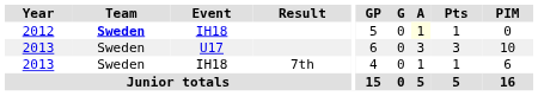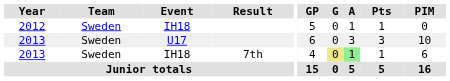 <table border="0" cellpadding="1" cellspacing="0" ID="Table3" style="text-align:center; width:40em">
 <tr ALIGN="center" bgcolor="#e0e0e0">
 <th>Year</th>
 <th>Team</th>
 <th>Event</th>
 <th>Result</th>
 <th rowspan="99" bgcolor="#ffffff"></th>
 <th>GP</th>
 <th>G</th>
 <th>A</th>
 <th>Pts</th>
 <th>PIM</th>
 </tr>
 <tr>
 <td><a href='#'>2012</a></td>
-<td><strong><a href='#'>Sweden</a></strong></td>
+<td><a href='#'>Sweden</a></td>
 <td><a href='#'>IH18</a></td>
 <td></td>
 <td>5</td>
 <td>0</td>
-<td style="background: lightyellow;">1</td>
+<td>1</td>
 <td>1</td>
 <td>0</td>
 </tr>
 <tr bgcolor="#f0f0f0">
 <td><a href='#'>2013</a></td>
 <td>Sweden</td>
 <td><a href='#'>U17</a></td>
 <td></td>
 <td>6</td>
 <td>0</td>
 <td>3</td>
 <td>3</td>
 <td>10</td>
 </tr>
 <tr>
 <td><a href='#'>2013</a></td>
 <td>Sweden</td>
 <td>IH18</td>
 <td>7th</td>
 <td>4</td>
-<td>0</td>
-<td>1</td>
+<td style="background: khaki;">0</td>
+<td style="background: lightgreen;">1</td>
 <td>1</td>
 <td>6</td>
 </tr>
 <tr bgcolor="#e0e0e0">
 <th colspan="4">Junior totals</th>
 <th>15</th>
 <th>0</th>
 <th>5</th>
 <th>5</th>
 <th>16</th>
 </tr>
 </table>
